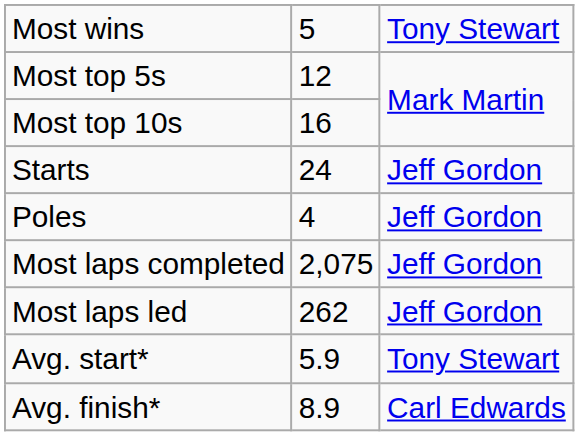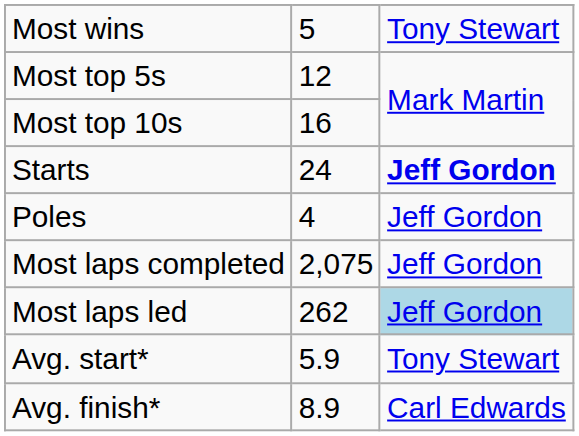 <table class="wikitable" style="font-size:95%;">
 <tr>
 <td>Most wins</td>
 <td>5</td>
 <td><a href='#'>Tony Stewart</a></td>
 </tr>
 <tr>
 <td>Most top 5s</td>
 <td>12</td>
 <td rowspan="2"><a href='#'>Mark Martin</a></td>
 </tr>
 <tr>
 <td>Most top 10s</td>
 <td>16</td>
 </tr>
 <tr>
 <td>Starts</td>
 <td>24</td>
-<td><a href='#'>Jeff Gordon</a></td>
+<td><strong><a href='#'>Jeff Gordon</a></strong></td>
 </tr>
 <tr>
 <td>Poles</td>
 <td>4</td>
 <td><a href='#'>Jeff Gordon</a></td>
 </tr>
 <tr>
 <td>Most laps completed</td>
 <td>2,075</td>
 <td><a href='#'>Jeff Gordon</a></td>
 </tr>
 <tr>
 <td>Most laps led</td>
 <td>262</td>
-<td><a href='#'>Jeff Gordon</a></td>
+<td style="background: lightblue;"><a href='#'>Jeff Gordon</a></td>
 </tr>
 <tr>
 <td>Avg. start*</td>
 <td>5.9</td>
 <td><a href='#'>Tony Stewart</a></td>
 </tr>
 <tr>
 <td>Avg. finish*</td>
 <td>8.9</td>
 <td><a href='#'>Carl Edwards</a></td>
 </tr>
 </table>
